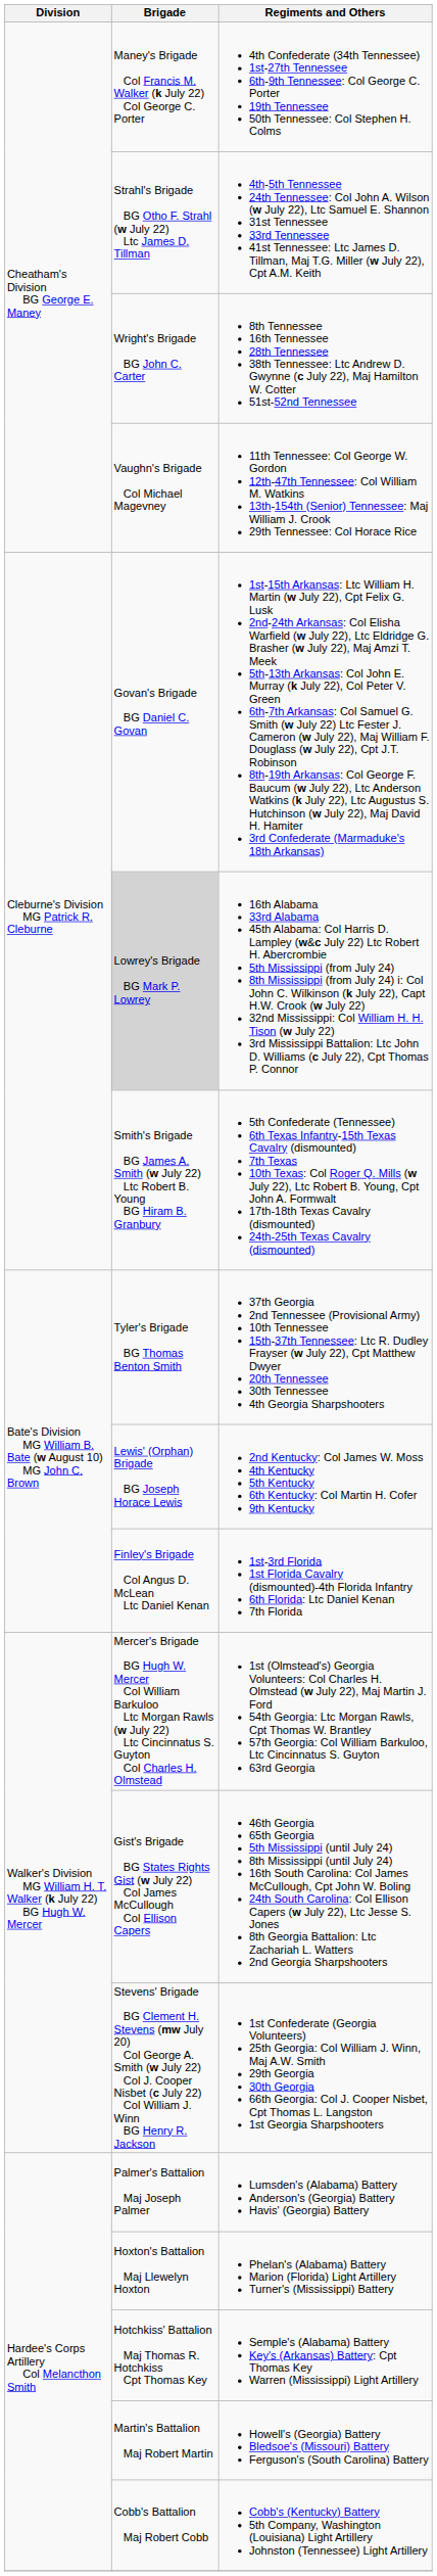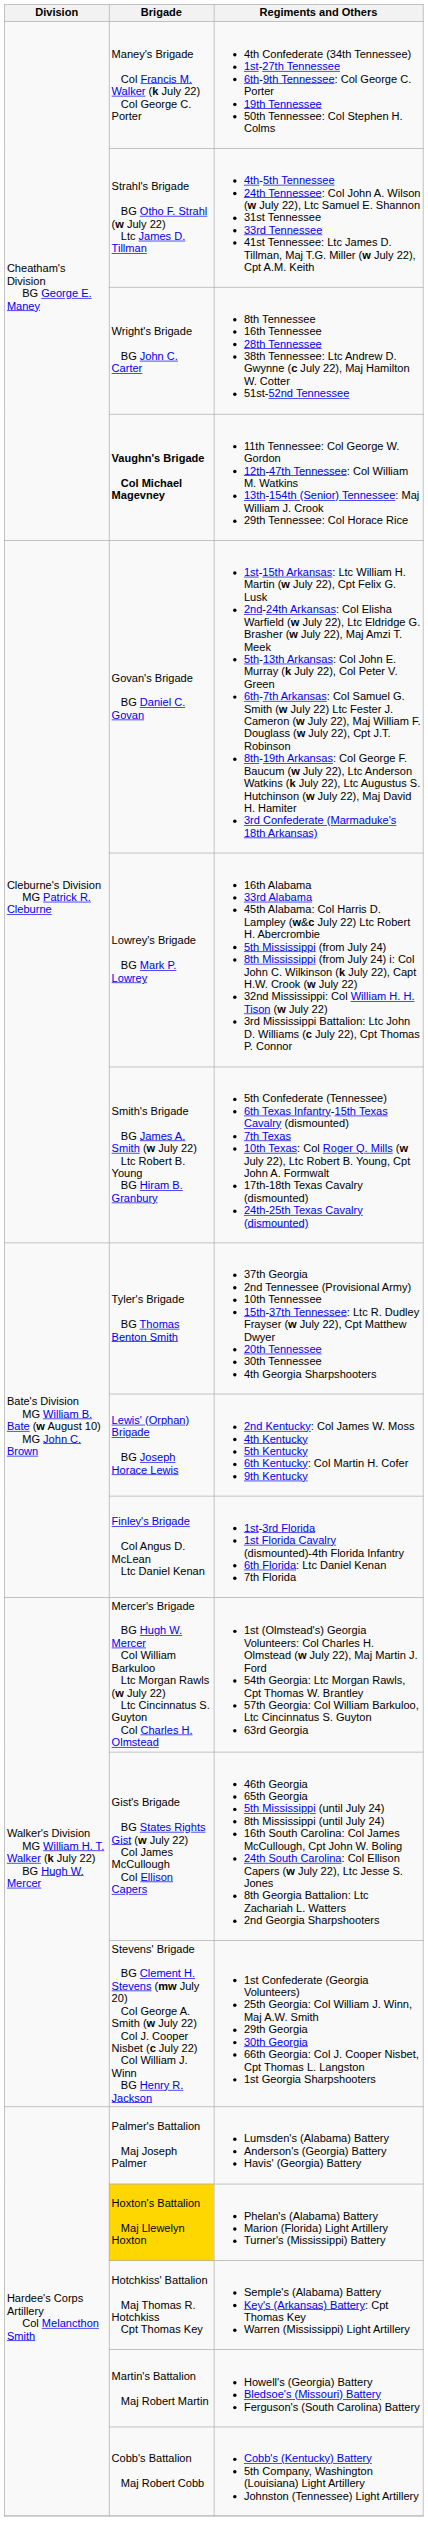 <table class="wikitable">
 <tr>
 <th width=25%>Division</th>
 <th width=25%>Brigade</th>
 <th>Regiments and Others</th>
 </tr>
 <tr>
 <td rowspan=4><br>Cheatham's Division <br>     BG <a href='#'>George E. Maney</a><br></td>
 <td>Maney's Brigade<br><br>   Col <a href='#'>Francis M. Walker</a> (<strong>k</strong> July 22)<br>   Col George C. Porter</td>
 <td><br><ul><li>4th Confederate (34th Tennessee)</li><li><a href='#'>1st</a>-<a href='#'>27th Tennessee</a></li><li><a href='#'>6th</a>-<a href='#'>9th Tennessee</a>: Col George C. Porter</li><li><a href='#'>19th Tennessee</a></li><li>50th Tennessee: Col Stephen H. Colms</li></ul></td>
 </tr>
 <tr>
 <td>Strahl's Brigade<br><br>   BG <a href='#'>Otho F. Strahl</a> (<strong>w</strong> July 22)<br>   Ltc <a href='#'>James D. Tillman</a></td>
 <td><br><ul><li><a href='#'>4th</a>-<a href='#'>5th Tennessee</a></li><li><a href='#'>24th Tennessee</a>: Col John A. Wilson (<strong>w</strong> July 22), Ltc Samuel E. Shannon</li><li>31st Tennessee</li><li><a href='#'>33rd Tennessee</a></li><li>41st Tennessee: Ltc James D. Tillman, Maj T.G. Miller (<strong>w</strong> July 22), Cpt A.M. Keith</li></ul></td>
 </tr>
 <tr>
 <td>Wright's Brigade<br><br>   BG <a href='#'>John C. Carter</a></td>
 <td><br><ul><li>8th Tennessee</li><li>16th Tennessee</li><li><a href='#'>28th Tennessee</a></li><li>38th Tennessee: Ltc Andrew D. Gwynne (<strong>c</strong> July 22), Maj Hamilton W. Cotter</li><li>51st-<a href='#'>52nd Tennessee</a></li></ul></td>
 </tr>
 <tr>
-<td>Vaughn's Brigade<br><br>   Col Michael Magevney</td>
+<td><strong>Vaughn's Brigade<br><br>   Col Michael Magevney</strong></td>
 <td><br><ul><li>11th Tennessee: Col George W. Gordon</li><li><a href='#'>12th</a>-<a href='#'>47th Tennessee</a>: Col William M. Watkins</li><li><a href='#'>13th</a>-<a href='#'>154th (Senior) Tennessee</a>: Maj William J. Crook</li><li>29th Tennessee: Col Horace Rice</li></ul></td>
 </tr>
 <tr>
 <td rowspan=3><br>Cleburne's Division <br>     MG <a href='#'>Patrick R. Cleburne</a><br></td>
 <td>Govan's Brigade<br><br>   BG <a href='#'>Daniel C. Govan</a></td>
 <td><br><ul><li><a href='#'>1st</a>-<a href='#'>15th Arkansas</a>: Ltc William H. Martin (<strong>w</strong> July 22), Cpt Felix G. Lusk</li><li><a href='#'>2nd</a>-<a href='#'>24th Arkansas</a>: Col Elisha Warfield (<strong>w</strong> July 22), Ltc Eldridge G. Brasher (<strong>w</strong> July 22), Maj Amzi T. Meek</li><li><a href='#'>5th</a>-<a href='#'>13th Arkansas</a>: Col John E. Murray (<strong>k</strong> July 22), Col Peter V. Green</li><li><a href='#'>6th</a>-<a href='#'>7th Arkansas</a>: Col Samuel G. Smith (<strong>w</strong> July 22) Ltc Fester J. Cameron (<strong>w</strong> July 22), Maj William F. Douglass (<strong>w</strong> July 22), Cpt J.T. Robinson</li><li><a href='#'>8th</a>-<a href='#'>19th Arkansas</a>: Col George F. Baucum (<strong>w</strong> July 22), Ltc Anderson Watkins (<strong>k</strong> July 22), Ltc Augustus S. Hutchinson (<strong>w</strong> July 22), Maj David H. Hamiter</li><li><a href='#'>3rd Confederate (Marmaduke's 18th Arkansas)</a></li></ul></td>
 </tr>
 <tr>
-<td style="background: lightgrey;">Lowrey's Brigade<br><br>   BG <a href='#'>Mark P. Lowrey</a></td>
+<td>Lowrey's Brigade<br><br>   BG <a href='#'>Mark P. Lowrey</a></td>
 <td><br><ul><li>16th Alabama</li><li><a href='#'>33rd Alabama</a></li><li>45th Alabama: Col Harris D. Lampley (<strong>w</strong>&<strong>c</strong> July 22) Ltc Robert H. Abercrombie</li><li><a href='#'>5th Mississippi</a> (from July 24)</li><li><a href='#'>8th Mississippi</a> (from July 24) i: Col John C. Wilkinson (<strong>k</strong> July 22), Capt H.W. Crook (<strong>w</strong> July 22)</li><li>32nd Mississippi: Col <a href='#'>William H. H. Tison</a> (<strong>w</strong> July 22)</li><li>3rd Mississippi Battalion: Ltc John D. Williams (<strong>c</strong> July 22), Cpt Thomas P. Connor</li></ul></td>
 </tr>
 <tr>
 <td>Smith's Brigade<br><br>   BG <a href='#'>James A. Smith</a> (<strong>w</strong> July 22)<br>   Ltc Robert B. Young<br>   BG <a href='#'>Hiram B. Granbury</a></td>
 <td><br><ul><li>5th Confederate (Tennessee)</li><li><a href='#'>6th Texas Infantry</a>-<a href='#'>15th Texas Cavalry</a> (dismounted)</li><li><a href='#'>7th Texas</a></li><li><a href='#'>10th Texas</a>: Col <a href='#'>Roger Q. Mills</a> (<strong>w</strong> July 22), Ltc Robert B. Young, Cpt John A. Formwalt</li><li>17th-18th Texas Cavalry (dismounted)</li><li><a href='#'>24th-25th Texas Cavalry (dismounted)</a></li></ul></td>
 </tr>
 <tr>
 <td rowspan=3><br>Bate's Division <br>     MG <a href='#'>William B. Bate</a> (<strong>w</strong> August 10)<br>     MG <a href='#'>John C. Brown</a></td>
 <td>Tyler's Brigade<br><br>   BG <a href='#'>Thomas Benton Smith</a></td>
 <td><br><ul><li>37th Georgia</li><li>2nd Tennessee (Provisional Army)</li><li>10th Tennessee</li><li><a href='#'>15th</a>-<a href='#'>37th Tennessee</a>: Ltc R. Dudley Frayser (<strong>w</strong> July 22), Cpt Matthew Dwyer</li><li><a href='#'>20th Tennessee</a></li><li>30th Tennessee</li><li>4th Georgia Sharpshooters</li></ul></td>
 </tr>
 <tr>
 <td><a href='#'>Lewis' (Orphan) Brigade</a><br><br>   BG <a href='#'>Joseph Horace Lewis</a></td>
 <td><br><ul><li><a href='#'>2nd Kentucky</a>: Col James W. Moss</li><li><a href='#'>4th Kentucky</a></li><li><a href='#'>5th Kentucky</a></li><li><a href='#'>6th Kentucky</a>: Col Martin H. Cofer</li><li><a href='#'>9th Kentucky</a></li></ul></td>
 </tr>
 <tr>
 <td><a href='#'>Finley's Brigade</a><br><br>   Col Angus D. McLean<br>   Ltc Daniel Kenan</td>
 <td><br><ul><li><a href='#'>1st</a>-<a href='#'>3rd Florida</a></li><li><a href='#'>1st Florida Cavalry</a> (dismounted)-4th Florida Infantry</li><li><a href='#'>6th Florida</a>: Ltc Daniel Kenan</li><li>7th Florida</li></ul></td>
 </tr>
 <tr>
 <td rowspan=3><br>Walker's Division <br>     MG <a href='#'>William H. T. Walker</a> (<strong>k</strong> July 22)<br>     BG <a href='#'>Hugh W. Mercer</a></td>
 <td>Mercer's Brigade<br><br>   BG <a href='#'>Hugh W. Mercer</a><br>   Col William Barkuloo<br>   Ltc Morgan Rawls (<strong>w</strong> July 22)<br>   Ltc Cincinnatus S. Guyton<br>   Col <a href='#'>Charles H. Olmstead</a></td>
 <td><br><ul><li>1st (Olmstead's) Georgia Volunteers: Col Charles H. Olmstead (<strong>w</strong> July 22), Maj Martin J. Ford</li><li>54th Georgia: Ltc Morgan Rawls, Cpt Thomas W. Brantley</li><li>57th Georgia: Col William Barkuloo, Ltc Cincinnatus S. Guyton</li><li>63rd Georgia</li></ul></td>
 </tr>
 <tr>
 <td>Gist's Brigade<br><br>   BG <a href='#'>States Rights Gist</a> (<strong>w</strong> July 22)<br>   Col James McCullough<br>   Col <a href='#'>Ellison Capers</a></td>
 <td><br><ul><li>46th Georgia</li><li>65th Georgia</li><li><a href='#'>5th Mississippi</a> (until July 24)</li><li>8th Mississippi (until July 24)</li><li>16th South Carolina: Col James McCullough, Cpt John W. Boling</li><li><a href='#'>24th South Carolina</a>: Col Ellison Capers (<strong>w</strong> July 22), Ltc Jesse S. Jones</li><li>8th Georgia Battalion: Ltc Zachariah L. Watters</li><li>2nd Georgia Sharpshooters</li></ul></td>
 </tr>
 <tr>
 <td>Stevens' Brigade<br><br>   BG <a href='#'>Clement H. Stevens</a> (<strong>mw</strong> July 20)<br>   Col George A. Smith (<strong>w</strong> July 22)<br>   Col J. Cooper Nisbet (<strong>c</strong> July 22)<br>   Col William J. Winn<br>   BG <a href='#'>Henry R. Jackson</a></td>
 <td><br><ul><li>1st Confederate (Georgia Volunteers)</li><li>25th Georgia: Col William J. Winn, Maj A.W. Smith</li><li>29th Georgia</li><li><a href='#'>30th Georgia</a></li><li>66th Georgia: Col J. Cooper Nisbet, Cpt Thomas L. Langston</li><li>1st Georgia Sharpshooters</li></ul></td>
 </tr>
 <tr>
 <td rowspan=5><br>Hardee's Corps Artillery <br>     Col <a href='#'>Melancthon Smith</a></td>
 <td>Palmer's Battalion<br><br>   Maj Joseph Palmer</td>
 <td><br><ul><li>Lumsden's (Alabama) Battery</li><li>Anderson's (Georgia) Battery</li><li>Havis' (Georgia) Battery</li></ul></td>
 </tr>
 <tr>
-<td>Hoxton's Battalion<br><br>   Maj Llewelyn Hoxton</td>
+<td style="background: gold;">Hoxton's Battalion<br><br>   Maj Llewelyn Hoxton</td>
 <td><br><ul><li>Phelan's (Alabama) Battery</li><li>Marion (Florida) Light Artillery</li><li>Turner's (Mississippi) Battery</li></ul></td>
 </tr>
 <tr>
 <td>Hotchkiss' Battalion<br><br>   Maj Thomas R. Hotchkiss<br>   Cpt Thomas Key</td>
 <td><br><ul><li>Semple's (Alabama) Battery</li><li><a href='#'>Key's (Arkansas) Battery</a>: Cpt Thomas Key</li><li>Warren (Mississippi) Light Artillery</li></ul></td>
 </tr>
 <tr>
 <td>Martin's Battalion<br><br>   Maj Robert Martin</td>
 <td><br><ul><li>Howell's (Georgia) Battery</li><li><a href='#'>Bledsoe's (Missouri) Battery</a></li><li>Ferguson's (South Carolina) Battery</li></ul></td>
 </tr>
 <tr>
 <td>Cobb's Battalion<br><br>   Maj Robert Cobb</td>
 <td><br><ul><li><a href='#'>Cobb's (Kentucky) Battery</a></li><li>5th Company, Washington (Louisiana) Light Artillery</li><li>Johnston (Tennessee) Light Artillery</li></ul></td>
 </tr>
 <tr>
 </tr>
 </table>
